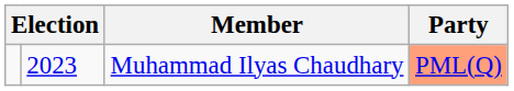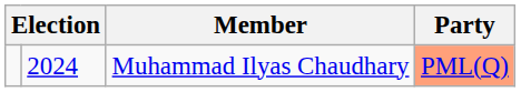 <table class="wikitable">
 <tr>
 <th colspan="2">Election</th>
 <th>Member</th>
 <th>Party</th>
 </tr>
 <tr>
 <td style="background-color: "></td>
-<td><a href='#'>2023</a></td>
+<td><a href='#'>2024</a></td>
 <td><a href='#'>Muhammad Ilyas Chaudhary</a></td>
 <td style="background: lightsalmon;"><a href='#'>PML(Q)</a></td>
 </tr>
 </table>
